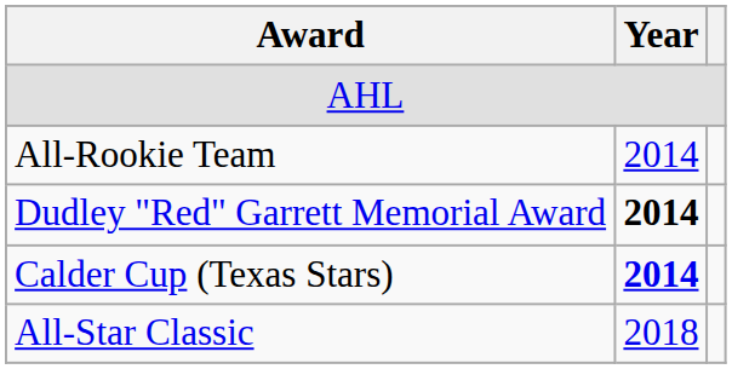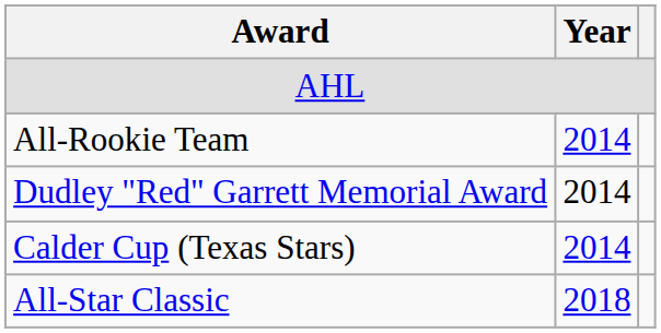 <table class="wikitable">
 <tr>
 <th>Award</th>
 <th>Year</th>
 <th></th>
 </tr>
 <tr ALIGN="center" bgcolor="#e0e0e0">
 <td colspan="3"><a href='#'>AHL</a></td>
 </tr>
 <tr>
 <td>All-Rookie Team</td>
 <td><a href='#'>2014</a></td>
 <td></td>
 </tr>
 <tr>
 <td><a href='#'>Dudley "Red" Garrett Memorial Award</a></td>
-<td><strong>2014</strong></td>
+<td>2014</td>
 <td></td>
 </tr>
 <tr>
 <td><a href='#'>Calder Cup</a> (Texas Stars)</td>
-<td><strong><a href='#'>2014</a></strong></td>
+<td><a href='#'>2014</a></td>
 <td></td>
 </tr>
 <tr>
 <td><a href='#'>All-Star Classic</a></td>
 <td><a href='#'>2018</a></td>
 <td></td>
 </tr>
 </table>
